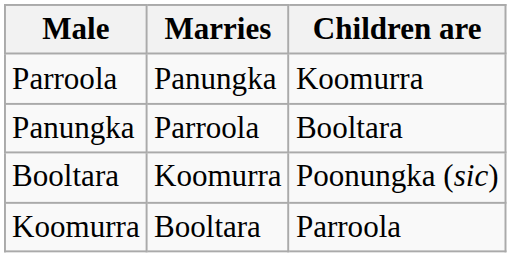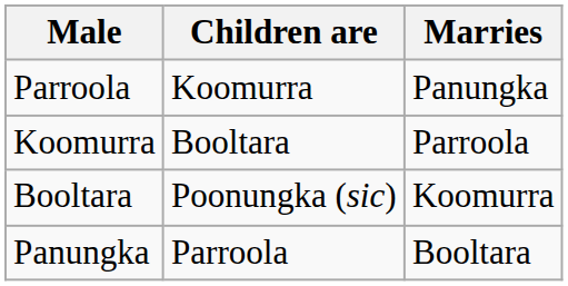 <table class="wikitable">
 <tr>
 <th>Male</th>
+<th>Children are</th>
 <th>Marries</th>
-<th>Children are</th>
 </tr>
 <tr>
 <td>Parroola</td>
+<td>Koomurra</td>
 <td>Panungka</td>
+</tr>
+<tr>
+<td>Koomurra</td>
+<td>Booltara</td>
+<td>Parroola</td>
+</tr>
+<tr>
+<td>Booltara</td>
+<td>Poonungka (<em>sic</em>)</td>
 <td>Koomurra</td>
 </tr>
 <tr>
 <td>Panungka</td>
 <td>Parroola</td>
 <td>Booltara</td>
 </tr>
-<tr>
-<td>Booltara</td>
-<td>Koomurra</td>
-<td>Poonungka (<em>sic</em>)</td>
-</tr>
-<tr>
-<td>Koomurra</td>
-<td>Booltara</td>
-<td>Parroola</td>
-</tr>
 </table>
